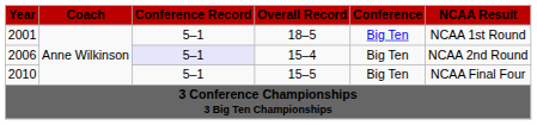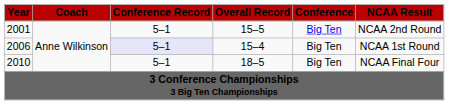 <table class="wikitable">
 <tr style="background:#BB0000; text-align:center;">
 <td><span><strong>Year</strong></span></td>
 <td><span><strong>Coach</strong></span></td>
 <td><span><strong>Conference Record</strong></span></td>
 <td><span><strong>Overall Record</strong></span></td>
 <td><span><strong>Conference</strong></span></td>
 <td><span><strong>NCAA Result</strong> </span></td>
 </tr>
 <tr style="text-align:center;">
 <td>2001</td>
 <td rowspan="3">Anne Wilkinson</td>
 <td>5–1</td>
-<td>18–5</td>
+<td>15–5</td>
 <td><a href='#'>Big Ten</a></td>
-<td>NCAA 1st Round</td>
+<td>NCAA 2nd Round</td>
 </tr>
 <tr style="text-align:center;">
 <td>2006</td>
 <td style="background: lavender;">5–1</td>
 <td>15–4</td>
 <td>Big Ten</td>
-<td>NCAA 2nd Round</td>
+<td>NCAA 1st Round</td>
 </tr>
 <tr style="text-align:center;">
 <td>2010</td>
 <td>5–1</td>
-<td>15–5</td>
+<td>18–5</td>
 <td>Big Ten</td>
 <td>NCAA Final Four</td>
 </tr>
 <tr style="text-align:center;">
 <td colspan="6" style="background:#666666;"><span><strong>3 Conference Championships<br> <small>3 Big Ten Championships</small></strong></span></td>
 </tr>
 </table>
